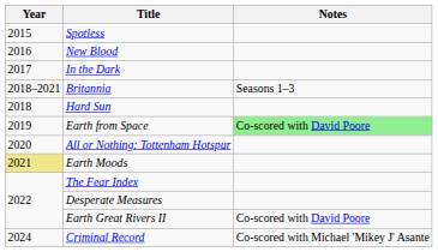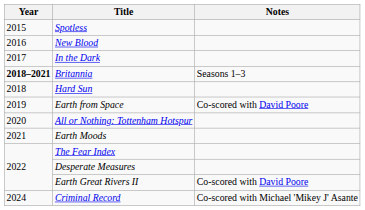 <table class="wikitable sortable">
 <tr>
 <th>Year</th>
 <th>Title</th>
 <th>Notes</th>
 </tr>
 <tr>
 <td>2015</td>
 <td><em><a href='#'>Spotless</a></em></td>
 <td></td>
 </tr>
 <tr>
 <td>2016</td>
 <td><em><a href='#'>New Blood</a></em></td>
 <td></td>
 </tr>
 <tr>
 <td>2017</td>
 <td><em><a href='#'>In the Dark</a></em></td>
 <td></td>
 </tr>
 <tr>
-<td>2018–2021</td>
+<td><strong>2018–2021</strong></td>
 <td><em><a href='#'>Britannia</a></em></td>
 <td>Seasons 1–3</td>
 </tr>
 <tr>
 <td>2018</td>
 <td><em><a href='#'>Hard Sun</a></em></td>
 <td></td>
 </tr>
 <tr>
 <td>2019</td>
 <td><em>Earth from Space</em></td>
-<td style="background: lightgreen;">Co-scored with <a href='#'>David Poore</a></td>
+<td>Co-scored with <a href='#'>David Poore</a></td>
 </tr>
 <tr>
 <td>2020</td>
 <td><em><a href='#'>All or Nothing: Tottenham Hotspur</a></em></td>
 <td></td>
 </tr>
 <tr>
-<td style="background: khaki;">2021</td>
+<td>2021</td>
 <td><em>Earth Moods</em></td>
 <td></td>
 </tr>
 <tr>
 <td rowspan="3">2022</td>
 <td><em><a href='#'>The Fear Index</a></em></td>
 <td></td>
 </tr>
 <tr>
 <td><em>Desperate Measures</em></td>
 <td></td>
 </tr>
 <tr>
 <td><em>Earth Great Rivers II</em></td>
 <td>Co-scored with <a href='#'>David Poore</a></td>
 </tr>
 <tr>
 <td>2024</td>
 <td><em><a href='#'>Criminal Record</a></em></td>
 <td>Co-scored with Michael 'Mikey J' Asante</td>
 </tr>
 </table>
